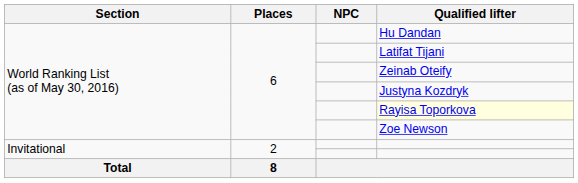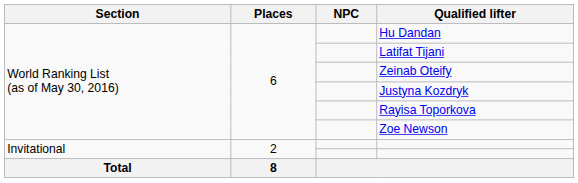 <table class="wikitable"  width=750>
 <tr>
 <th>Section</th>
 <th>Places</th>
 <th>NPC</th>
 <th>Qualified lifter</th>
 </tr>
 <tr>
 <td rowspan=6>World Ranking List<br>(as of May 30, 2016)</td>
 <td rowspan=6 align=center>6</td>
 <td></td>
 <td><a href='#'>Hu Dandan</a></td>
 </tr>
 <tr>
 <td></td>
 <td><a href='#'>Latifat Tijani</a></td>
 </tr>
 <tr>
 <td></td>
 <td><a href='#'>Zeinab Oteify</a></td>
 </tr>
 <tr>
 <td></td>
 <td><a href='#'>Justyna Kozdryk</a></td>
 </tr>
 <tr>
 <td></td>
-<td style="background: lightyellow;"><a href='#'>Rayisa Toporkova</a></td>
+<td><a href='#'>Rayisa Toporkova</a></td>
 </tr>
 <tr>
 <td></td>
 <td><a href='#'>Zoe Newson</a></td>
 </tr>
 <tr>
 <td rowspan=2>Invitational</td>
 <td rowspan="2" align=center>2</td>
 <td></td>
 <td></td>
 </tr>
 <tr>
 <td></td>
 <td></td>
 </tr>
 <tr>
 <th>Total</th>
 <th>8</th>
 <th colspan=2></th>
 </tr>
 </table>
